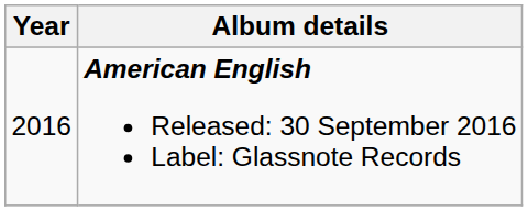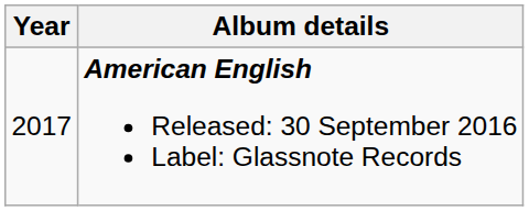 <table class="wikitable">
 <tr>
 <th><strong>Year</strong></th>
 <th><strong>Album details</strong></th>
 </tr>
 <tr>
-<td>2016</td>
+<td>2017</td>
 <td><strong><em>American English</em></strong><br><ul><li>Released: 30 September 2016</li><li>Label: Glassnote Records</li></ul></td>
 </tr>
 </table>
